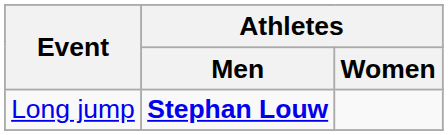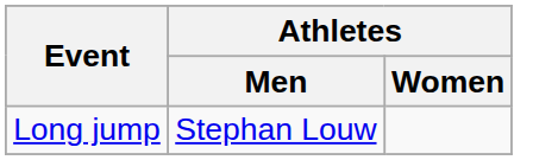 <table class=wikitable style="font-size:90%">
 <tr>
 <th rowspan=2>Event</th>
 <th colspan=2>Athletes</th>
 </tr>
 <tr>
 <th>Men</th>
 <th>Women</th>
 </tr>
 <tr>
 <td><a href='#'>Long jump</a></td>
-<td><strong><a href='#'>Stephan Louw</a></strong></td>
+<td><a href='#'>Stephan Louw</a></td>
 <td></td>
 </tr>
 </table>
